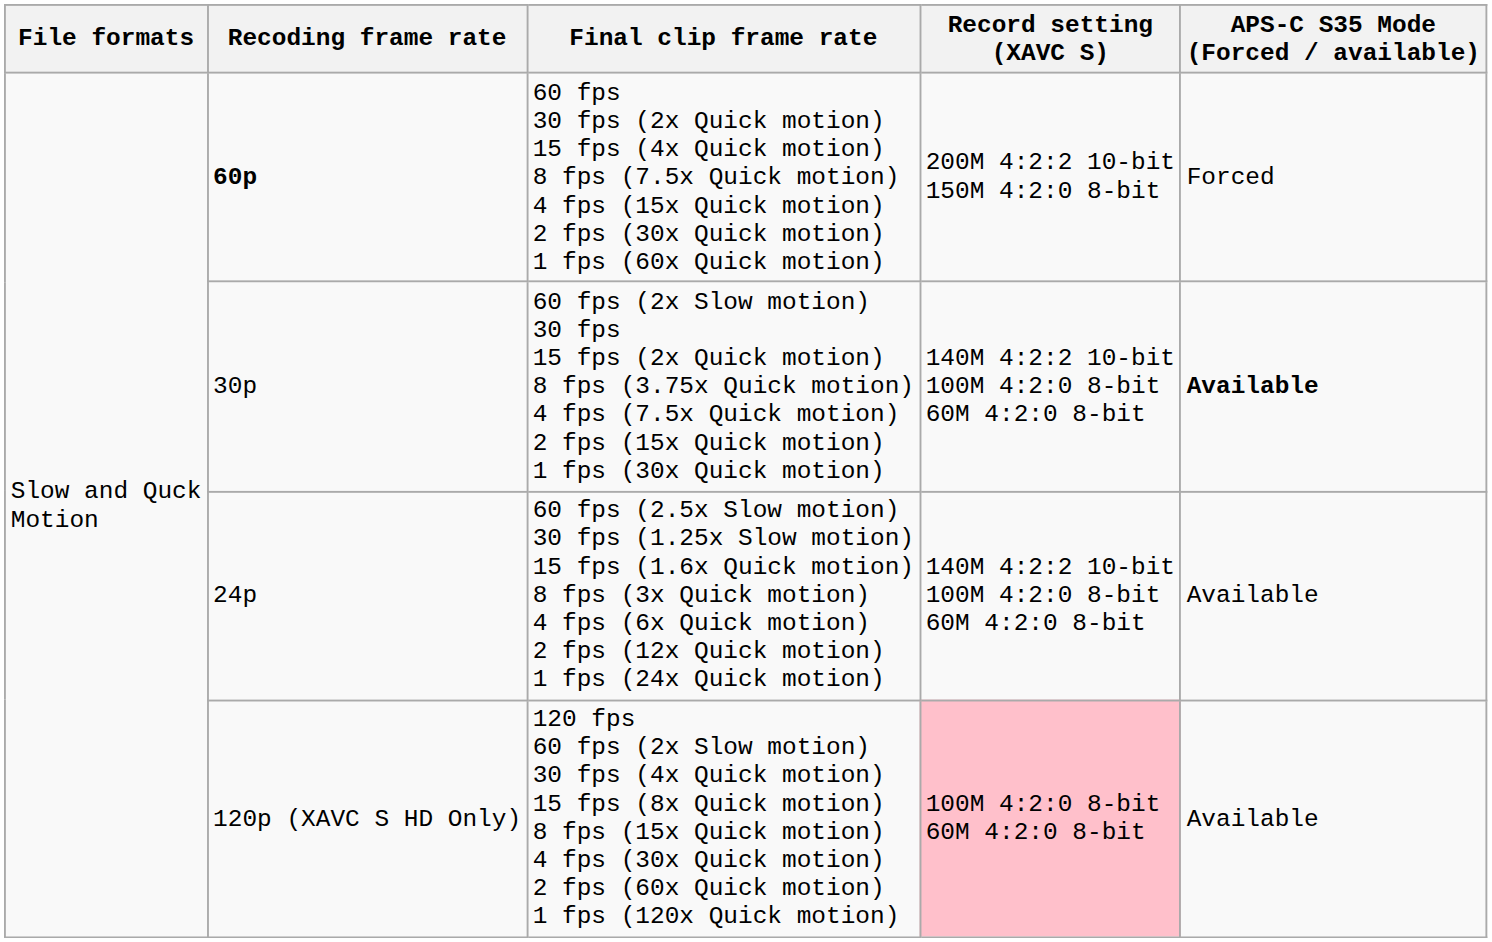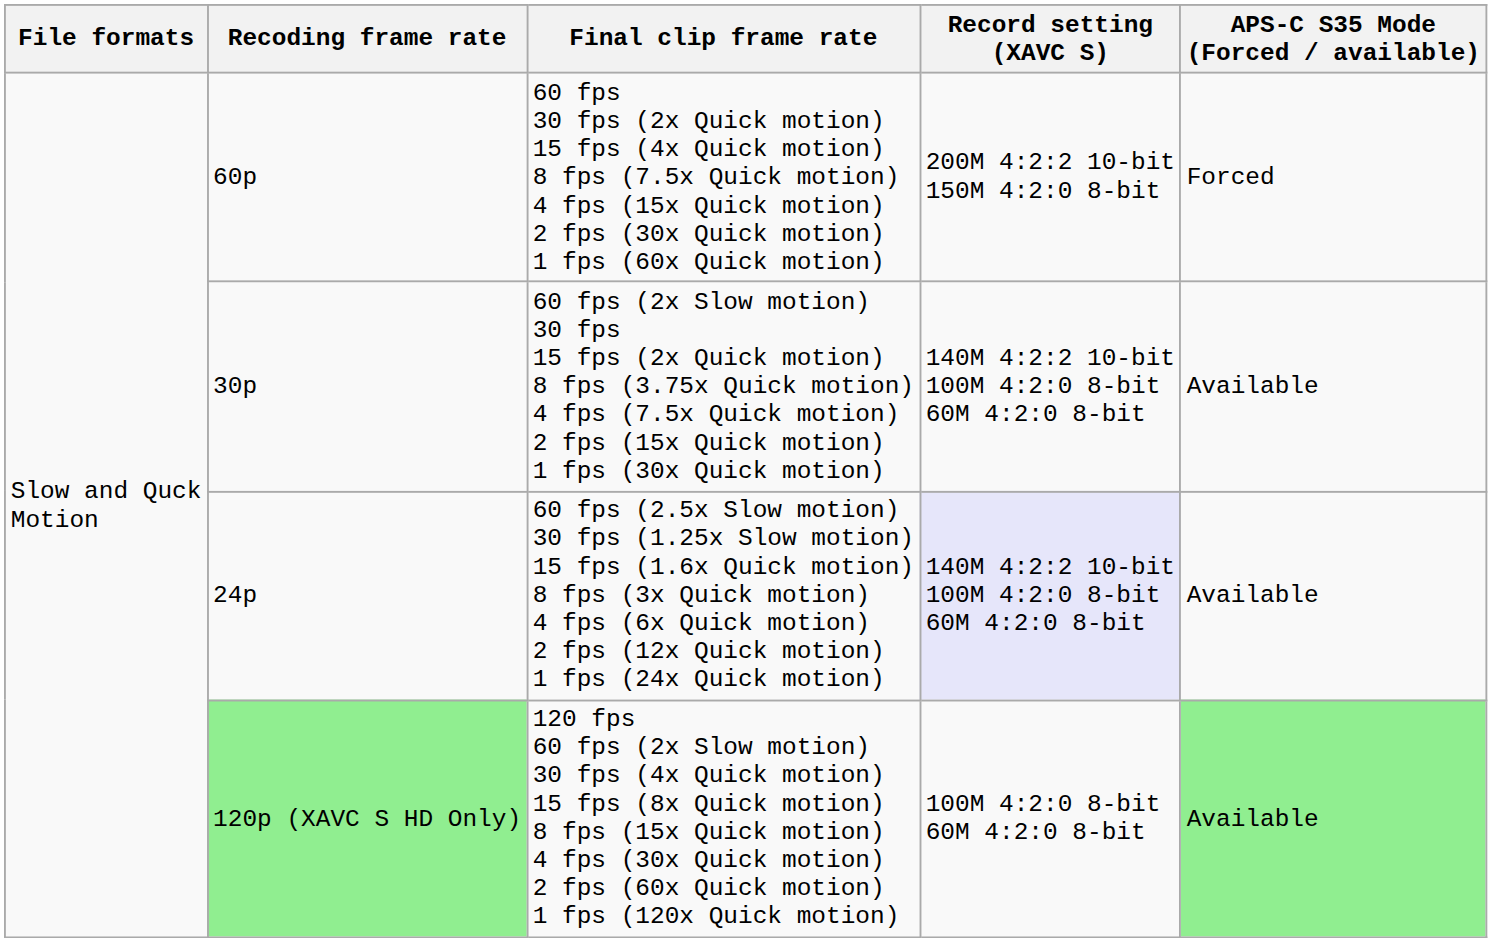 <table class="wikitable sortable">
 <tr>
 <th>File formats</th>
 <th>Recoding frame rate</th>
 <th>Final clip frame rate</th>
 <th>Record setting<br>(XAVC S)</th>
 <th>APS-C S35 Mode<br>(Forced / available)</th>
 </tr>
 <tr>
 <td rowspan="4">Slow and Quck<br>Motion</td>
-<td><strong>60p</strong></td>
+<td>60p</td>
 <td>60 fps<br>30 fps (2x Quick motion)<br>15 fps (4x Quick motion)<br>8 fps (7.5x Quick motion)<br>4 fps (15x Quick motion)<br>2 fps (30x Quick motion)<br>1 fps (60x Quick motion)</td>
 <td>200M 4:2:2 10-bit<br>150M 4:2:0 8-bit</td>
 <td>Forced</td>
 </tr>
 <tr>
 <td>30p</td>
 <td>60 fps (2x Slow motion)<br>30 fps<br>15 fps (2x Quick motion)<br>8 fps (3.75x Quick motion)<br>4 fps (7.5x Quick motion)<br>2 fps (15x Quick motion)<br>1 fps (30x Quick motion)</td>
 <td>140M 4:2:2 10-bit<br>100M 4:2:0 8-bit<br>60M 4:2:0 8-bit</td>
-<td><strong>Available</strong></td>
+<td>Available</td>
 </tr>
 <tr>
 <td>24p</td>
 <td>60 fps (2.5x Slow motion)<br>30 fps (1.25x Slow motion)<br>15 fps (1.6x Quick motion)<br>8 fps (3x Quick motion)<br>4 fps (6x Quick motion)<br>2 fps (12x Quick motion)<br>1 fps (24x Quick motion)</td>
-<td>140M 4:2:2 10-bit<br>100M 4:2:0 8-bit<br>60M 4:2:0 8-bit</td>
+<td style="background: lavender;">140M 4:2:2 10-bit<br>100M 4:2:0 8-bit<br>60M 4:2:0 8-bit</td>
 <td>Available</td>
 </tr>
 <tr>
-<td>120p (XAVC S HD Only)</td>
+<td style="background: lightgreen;">120p (XAVC S HD Only)</td>
 <td>120 fps<br>60 fps (2x Slow motion)<br>30 fps (4x Quick motion)<br>15 fps (8x Quick motion)<br>8 fps (15x Quick motion)<br>4 fps (30x Quick motion)<br>2 fps (60x Quick motion)<br>1 fps (120x Quick motion)</td>
-<td style="background: pink;">100M 4:2:0 8-bit<br>60M 4:2:0 8-bit</td>
-<td>Available</td>
+<td>100M 4:2:0 8-bit<br>60M 4:2:0 8-bit</td>
+<td style="background: lightgreen;">Available</td>
 </tr>
 </table>
